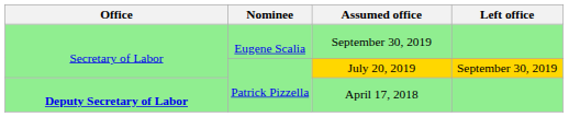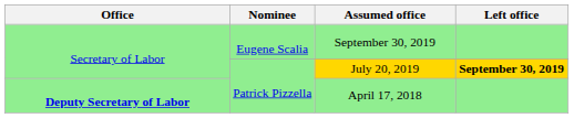 <table class="wikitable sortable" style="text-align:center">
 <tr>
 <th style="width:40%;">Office</th>
 <th style="width:15%;">Nominee</th>
 <th style="width:25%;" data-sort- type="date">Assumed office</th>
 <th style="width:20%;" data-sort- type="date">Left office</th>
 </tr>
 <tr style="background:lightgreen;">
 <td rowspan="2"><br><a href='#'>Secretary of Labor</a></td>
 <td><br><a href='#'>Eugene Scalia</a></td>
 <td>September 30, 2019<br></td>
 <td></td>
 </tr>
 <tr style="background:lightgreen;">
 <td rowspan="2"><br><a href='#'>Patrick Pizzella</a></td>
 <td style="background:gold;">July 20, 2019</td>
-<td style="background:gold;">September 30, 2019</td>
+<td style="background:gold;"><strong>September 30, 2019</strong></td>
 </tr>
 <tr style="background:lightgreen;">
 <td><strong><br><a href='#'>Deputy Secretary of Labor</a></strong></td>
 <td>April 17, 2018<br></td>
 <td></td>
 </tr>
 </table>
